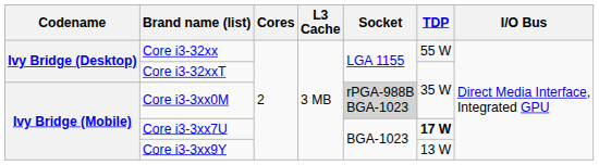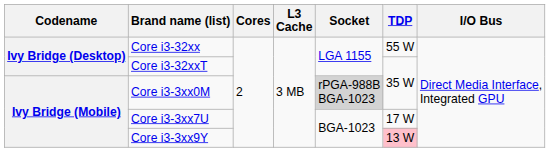 <table class="wikitable">
 <tr>
 <th>Codename</th>
 <th>Brand name (list)</th>
 <th>Cores</th>
 <th>L3<br>Cache</th>
 <th>Socket</th>
 <th><a href='#'>TDP</a></th>
 <th>I/O Bus</th>
 </tr>
 <tr>
 <th rowspan="2"><a href='#'>Ivy Bridge (Desktop)</a></th>
 <td><a href='#'>Core i3-32xx</a></td>
 <td rowspan="5">2</td>
 <td rowspan="5">3 MB</td>
 <td rowspan="2"><a href='#'>LGA 1155</a></td>
 <td>55 W</td>
 <td rowspan="5"><a href='#'>Direct Media Interface</a>,<br>Integrated <a href='#'>GPU</a></td>
 </tr>
 <tr>
 <td><a href='#'>Core i3-32xxT</a></td>
 <td rowspan="2">35 W</td>
 </tr>
 <tr>
 <th rowspan="3"><a href='#'>Ivy Bridge (Mobile)</a></th>
 <td><a href='#'>Core i3-3xx0M</a></td>
 <td style="background: lightgrey;">rPGA-988B<br>BGA-1023</td>
 </tr>
 <tr>
 <td><a href='#'>Core i3-3xx7U</a></td>
 <td rowspan="2">BGA-1023</td>
-<td><strong>17 W</strong></td>
+<td>17 W</td>
 </tr>
 <tr>
 <td><a href='#'>Core i3-3xx9Y</a></td>
-<td>13 W</td>
+<td style="background: pink;">13 W</td>
 </tr>
 </table>
